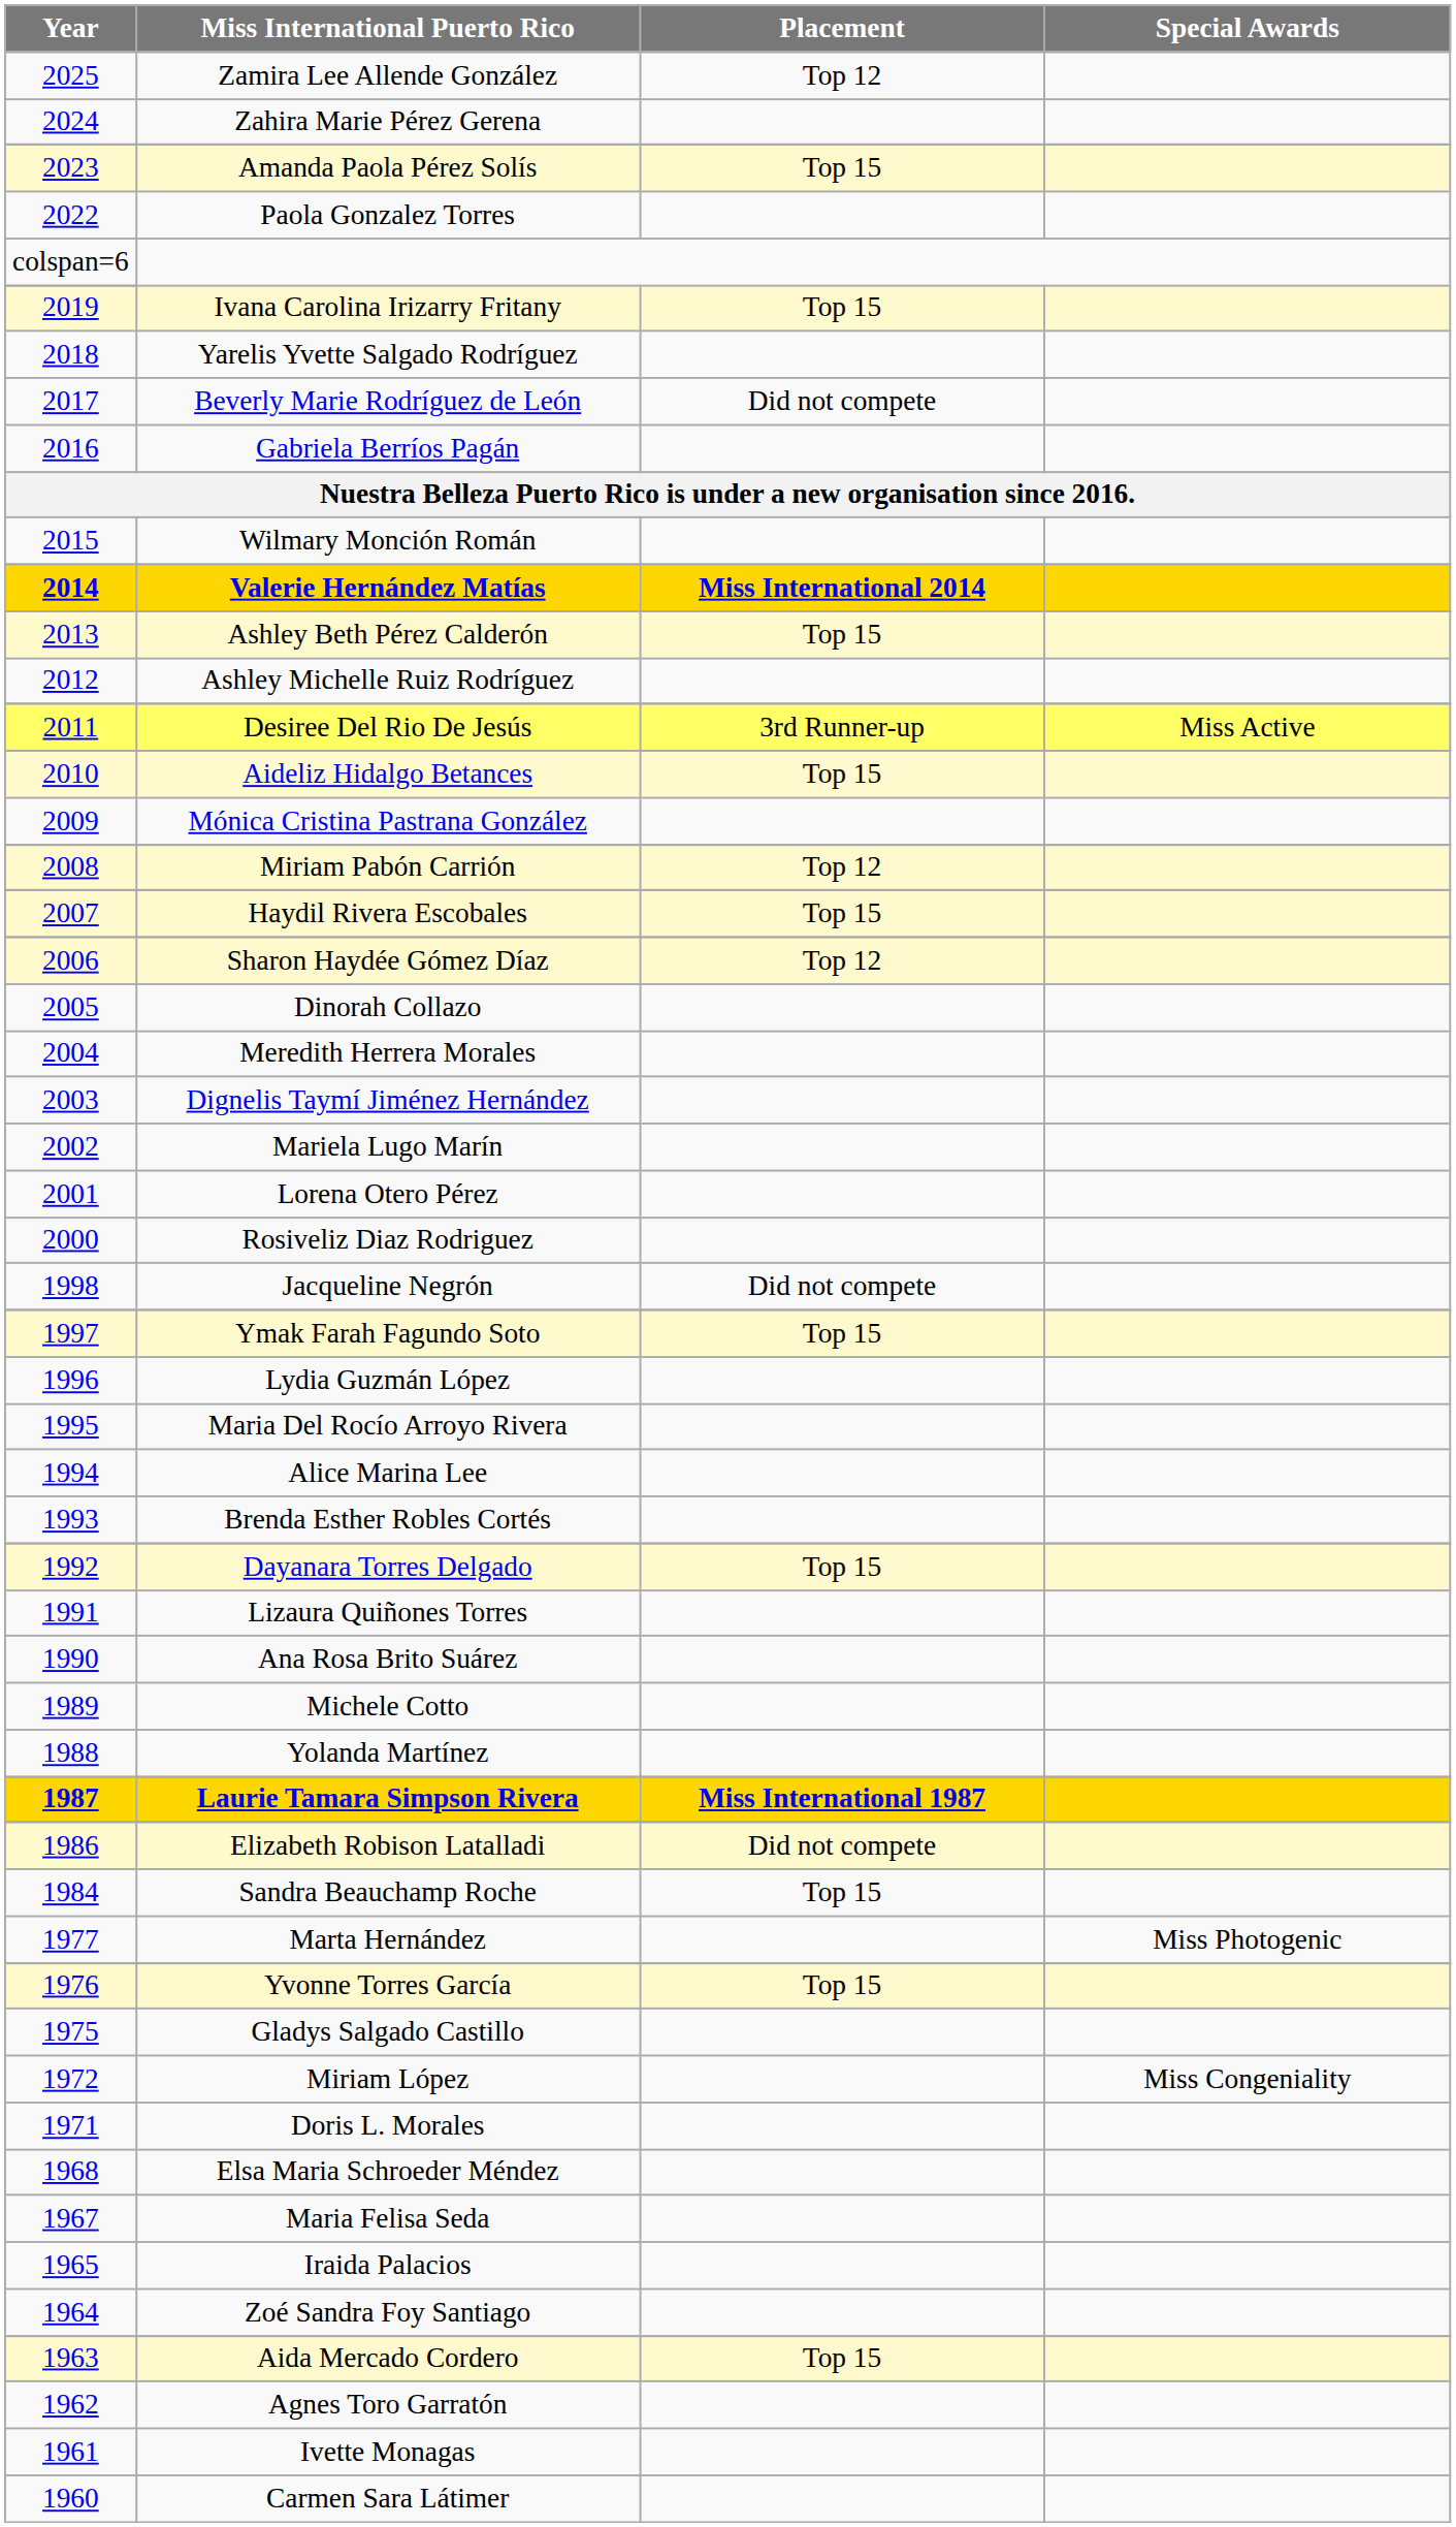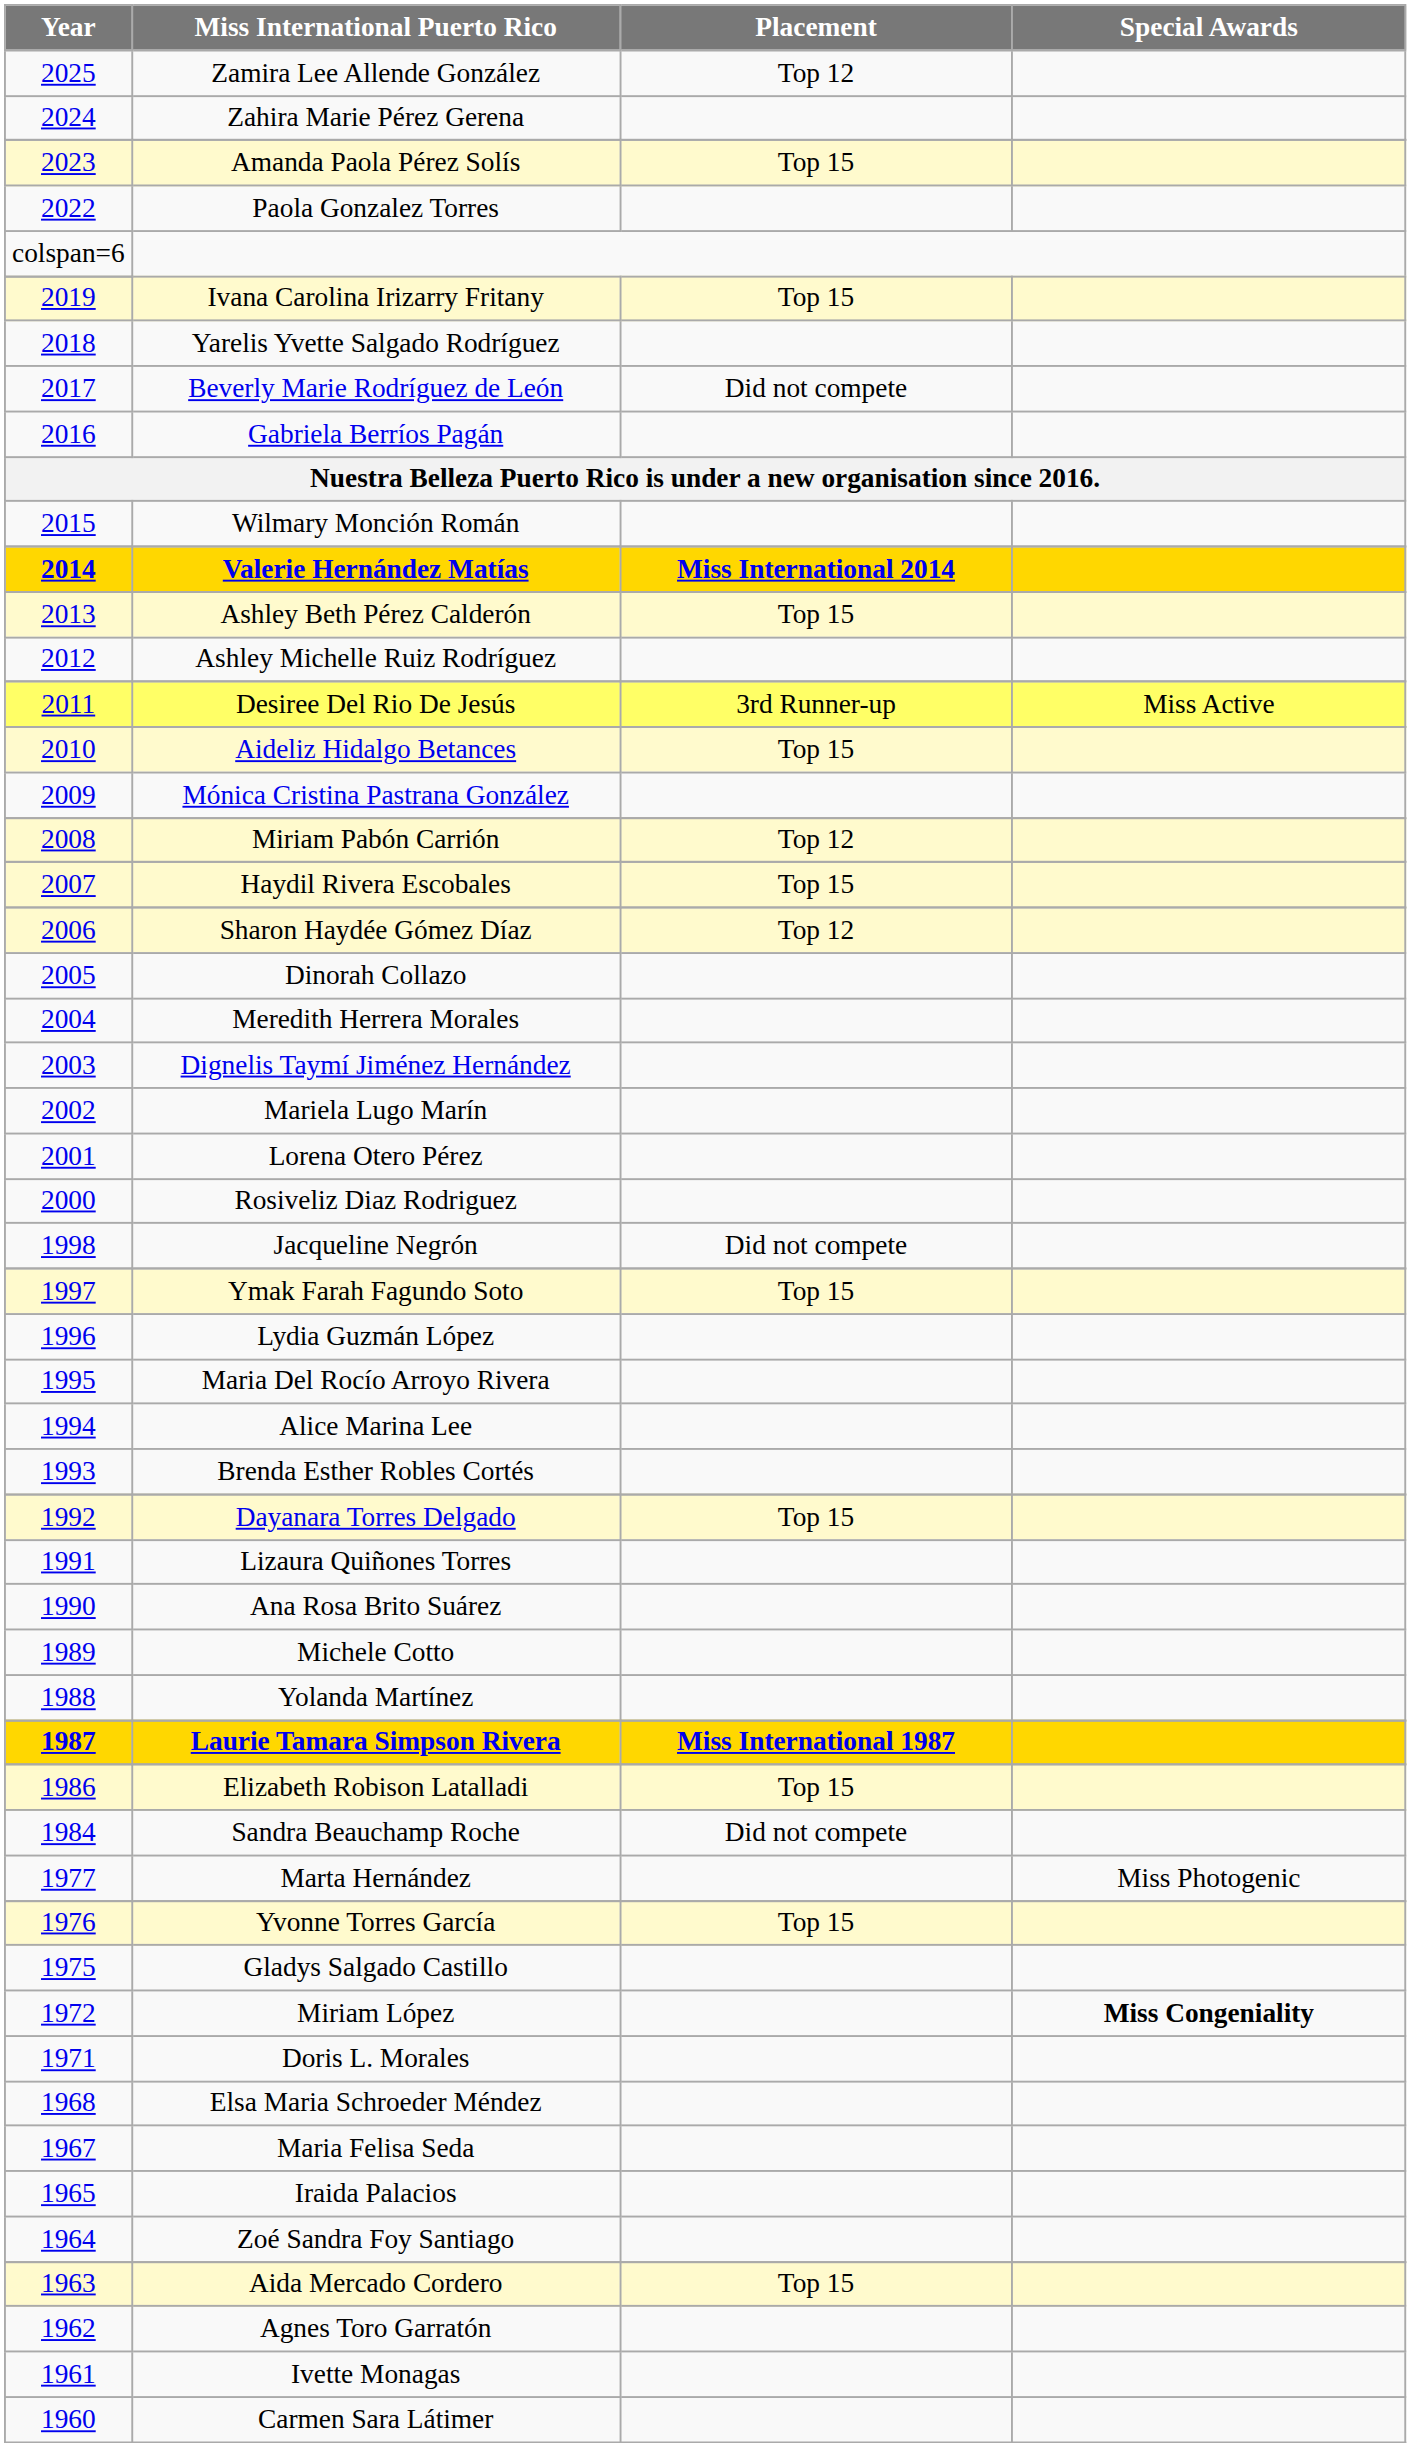 <table class="wikitable sortable" style="font-size: 90%; text-align:center">
 <tr>
 <th width="60" style="background-color:#787878;color:#FFFFFF;">Year</th>
 <th style="width:250px;background-color:#787878;color:#FFFFFF;">Miss International Puerto Rico</th>
 <th style="width:200px;background-color:#787878;color:#FFFFFF;">Placement</th>
 <th style="width:200px;background-color:#787878;color:#FFFFFF;">Special Awards</th>
 </tr>
 <tr>
 <td><a href='#'>2025</a></td>
 <td>Zamira Lee Allende González</td>
 <td>Top 12</td>
 </tr>
 <tr>
 <td><a href='#'>2024</a></td>
 <td>Zahira Marie Pérez Gerena</td>
 <td></td>
 <td></td>
 </tr>
 <tr>
 </tr>
 <tr style="background-color:#FFFACD;">
 <td><a href='#'>2023</a></td>
 <td>Amanda Paola Pérez Solís</td>
 <td>Top 15</td>
 <td></td>
 </tr>
 <tr>
 <td><a href='#'>2022</a></td>
 <td>Paola Gonzalez Torres</td>
 <td></td>
 <td></td>
 </tr>
 <tr>
 <td>colspan=6 </td>
 </tr>
 <tr>
 </tr>
 <tr style="background-color:#FFFACD;">
 <td><a href='#'>2019</a></td>
 <td>Ivana Carolina Irizarry Fritany</td>
 <td>Top 15</td>
 <td></td>
 </tr>
 <tr>
 <td><a href='#'>2018</a></td>
 <td>Yarelis Yvette Salgado Rodríguez</td>
 <td></td>
 <td></td>
 </tr>
 <tr>
 <td><a href='#'>2017</a></td>
 <td><a href='#'>Beverly Marie Rodríguez de León</a></td>
 <td>Did not compete</td>
 <td></td>
 </tr>
 <tr>
 <td><a href='#'>2016</a></td>
 <td><a href='#'>Gabriela Berríos Pagán</a></td>
 <td></td>
 <td></td>
 </tr>
 <tr>
 <th colspan="4">Nuestra Belleza Puerto Rico is under a new organisation since 2016.</th>
 </tr>
 <tr>
 <td><a href='#'>2015</a></td>
 <td>Wilmary Monción Román</td>
 <td></td>
 <td></td>
 </tr>
 <tr>
 </tr>
 <tr style="background-color:gold; font-weight: bold">
 <td><strong><a href='#'>2014</a></strong></td>
 <td><strong><a href='#'>Valerie Hernández Matías</a></strong></td>
 <td><strong><a href='#'>Miss International 2014</a></strong></td>
 <td></td>
 </tr>
 <tr>
 </tr>
 <tr style="background-color:#FFFACD;">
 <td><a href='#'>2013</a></td>
 <td>Ashley Beth Pérez Calderón</td>
 <td>Top 15</td>
 <td></td>
 </tr>
 <tr>
 <td><a href='#'>2012</a></td>
 <td>Ashley Michelle Ruiz Rodríguez</td>
 <td></td>
 <td></td>
 </tr>
 <tr>
 </tr>
 <tr style="background-color:#FFFF66;">
 <td><a href='#'>2011</a></td>
 <td>Desiree Del Rio De Jesús</td>
 <td>3rd Runner-up</td>
 <td>Miss Active</td>
 </tr>
 <tr>
 </tr>
 <tr style="background-color:#FFFACD;">
 <td><a href='#'>2010</a></td>
 <td><a href='#'>Aideliz Hidalgo Betances</a></td>
 <td>Top 15</td>
 <td></td>
 </tr>
 <tr>
 <td><a href='#'>2009</a></td>
 <td><a href='#'>Mónica Cristina Pastrana González</a></td>
 <td></td>
 <td></td>
 </tr>
 <tr>
 </tr>
 <tr style="background-color:#FFFACD;">
 <td><a href='#'>2008</a></td>
 <td>Miriam Pabón Carrión</td>
 <td>Top 12</td>
 <td></td>
 </tr>
 <tr>
 </tr>
 <tr style="background-color:#FFFACD;">
 <td><a href='#'>2007</a></td>
 <td>Haydil Rivera Escobales</td>
 <td>Top 15</td>
 <td></td>
 </tr>
 <tr>
 </tr>
 <tr style="background-color:#FFFACD;">
 <td><a href='#'>2006</a></td>
 <td>Sharon Haydée Gómez Díaz</td>
 <td>Top 12</td>
 <td></td>
 </tr>
 <tr>
 <td><a href='#'>2005</a></td>
 <td>Dinorah Collazo</td>
 <td></td>
 <td></td>
 </tr>
 <tr>
 <td><a href='#'>2004</a></td>
 <td>Meredith Herrera Morales</td>
 <td></td>
 <td></td>
 </tr>
 <tr>
 <td><a href='#'>2003</a></td>
 <td><a href='#'>Dignelis Taymí Jiménez Hernández</a></td>
 <td></td>
 <td></td>
 </tr>
 <tr>
 <td><a href='#'>2002</a></td>
 <td>Mariela Lugo Marín</td>
 <td></td>
 <td></td>
 </tr>
 <tr>
 <td><a href='#'>2001</a></td>
 <td>Lorena Otero Pérez</td>
 <td></td>
 <td></td>
 </tr>
 <tr>
 <td><a href='#'>2000</a></td>
 <td>Rosiveliz Diaz Rodriguez</td>
 <td></td>
 <td></td>
 </tr>
 <tr>
 <td><a href='#'>1998</a></td>
 <td>Jacqueline Negrón</td>
 <td>Did not compete</td>
 <td></td>
 </tr>
 <tr>
 </tr>
 <tr style="background-color:#FFFACD;">
 <td><a href='#'>1997</a></td>
 <td>Ymak Farah Fagundo Soto</td>
 <td>Top 15</td>
 <td></td>
 </tr>
 <tr>
 <td><a href='#'>1996</a></td>
 <td>Lydia Guzmán López</td>
 <td></td>
 <td></td>
 </tr>
 <tr>
 <td><a href='#'>1995</a></td>
 <td>Maria Del Rocío Arroyo Rivera</td>
 <td></td>
 <td></td>
 </tr>
 <tr>
 <td><a href='#'>1994</a></td>
 <td>Alice Marina Lee</td>
 <td></td>
 <td></td>
 </tr>
 <tr>
 <td><a href='#'>1993</a></td>
 <td>Brenda Esther Robles Cortés</td>
 <td></td>
 <td></td>
 </tr>
 <tr>
 </tr>
 <tr style="background-color:#FFFACD;">
 <td><a href='#'>1992</a></td>
 <td><a href='#'>Dayanara Torres Delgado</a></td>
 <td>Top 15</td>
 <td></td>
 </tr>
 <tr>
 <td><a href='#'>1991</a></td>
 <td>Lizaura Quiñones Torres</td>
 <td></td>
 <td></td>
 </tr>
 <tr>
 <td><a href='#'>1990</a></td>
 <td>Ana Rosa Brito Suárez</td>
 <td></td>
 <td></td>
 </tr>
 <tr>
 <td><a href='#'>1989</a></td>
 <td>Michele Cotto</td>
 <td></td>
 <td></td>
 </tr>
 <tr>
 <td><a href='#'>1988</a></td>
 <td>Yolanda Martínez</td>
 <td></td>
 <td></td>
 </tr>
 <tr>
 </tr>
 <tr style="background-color:gold; font-weight: bold">
 <td><strong><a href='#'>1987</a></strong></td>
 <td><strong><a href='#'>Laurie Tamara Simpson Rivera</a></strong></td>
 <td><strong><a href='#'>Miss International 1987</a></strong></td>
 <td></td>
 </tr>
 <tr>
 </tr>
 <tr style="background-color:#FFFACD;">
 <td><a href='#'>1986</a></td>
 <td>Elizabeth Robison Latalladi</td>
-<td>Did not compete</td>
+<td>Top 15</td>
 <td></td>
 </tr>
 <tr>
 <td><a href='#'>1984</a></td>
 <td>Sandra Beauchamp Roche</td>
-<td>Top 15</td>
+<td>Did not compete</td>
 <td></td>
 </tr>
 <tr>
 <td><a href='#'>1977</a></td>
 <td>Marta Hernández</td>
 <td></td>
 <td>Miss Photogenic</td>
 </tr>
 <tr>
 </tr>
 <tr style="background-color:#FFFACD;">
 <td><a href='#'>1976</a></td>
 <td>Yvonne Torres García</td>
 <td>Top 15</td>
 <td></td>
 </tr>
 <tr>
 <td><a href='#'>1975</a></td>
 <td>Gladys Salgado Castillo</td>
 <td></td>
 <td></td>
 </tr>
 <tr>
 <td><a href='#'>1972</a></td>
 <td>Miriam López</td>
 <td></td>
-<td>Miss Congeniality</td>
+<td><strong>Miss Congeniality</strong></td>
 </tr>
 <tr>
 <td><a href='#'>1971</a></td>
 <td>Doris L. Morales</td>
 <td></td>
 <td></td>
 </tr>
 <tr>
 <td><a href='#'>1968</a></td>
 <td>Elsa Maria Schroeder Méndez</td>
 <td></td>
 <td></td>
 </tr>
 <tr>
 <td><a href='#'>1967</a></td>
 <td>Maria Felisa Seda</td>
 <td></td>
 <td></td>
 </tr>
 <tr>
 <td><a href='#'>1965</a></td>
 <td>Iraida Palacios</td>
 <td></td>
 <td></td>
 </tr>
 <tr>
 <td><a href='#'>1964</a></td>
 <td>Zoé Sandra Foy Santiago</td>
 <td></td>
 <td></td>
 </tr>
 <tr>
 </tr>
 <tr style="background-color:#FFFACD;">
 <td><a href='#'>1963</a></td>
 <td>Aida Mercado Cordero</td>
 <td>Top 15</td>
 <td></td>
 </tr>
 <tr>
 <td><a href='#'>1962</a></td>
 <td>Agnes Toro Garratón</td>
 <td></td>
 <td></td>
 </tr>
 <tr>
 <td><a href='#'>1961</a></td>
 <td>Ivette Monagas</td>
 <td></td>
 <td></td>
 </tr>
 <tr>
 <td><a href='#'>1960</a></td>
 <td>Carmen Sara Látimer</td>
 <td></td>
 <td></td>
 </tr>
 <tr>
 </tr>
 </table>
